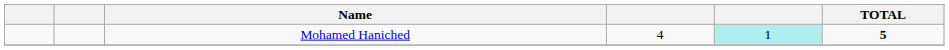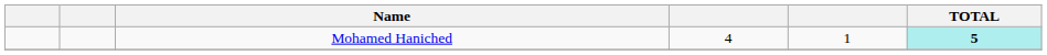 <table class="wikitable sortable alternance"  style="font-size:85%; text-align:center; line-height:14px; width:60%;">
 <tr>
 <th width=15></th>
 <th width=15></th>
 <th width=210>Name</th>
 <th width=40></th>
 <th width=40></th>
 <th width=40>TOTAL</th>
 </tr>
 <tr>
 <td></td>
 <td></td>
 <td><a href='#'>Mohamed Haniched</a></td>
 <td>4</td>
-<td style="background: paleturquoise;">1</td>
-<td><strong>5</strong></td>
+<td>1</td>
+<td style="background: paleturquoise;"><strong>5</strong></td>
 </tr>
 <tr>
 </tr>
 </table>
